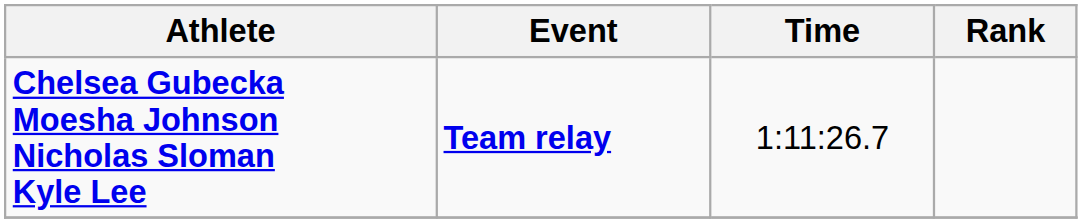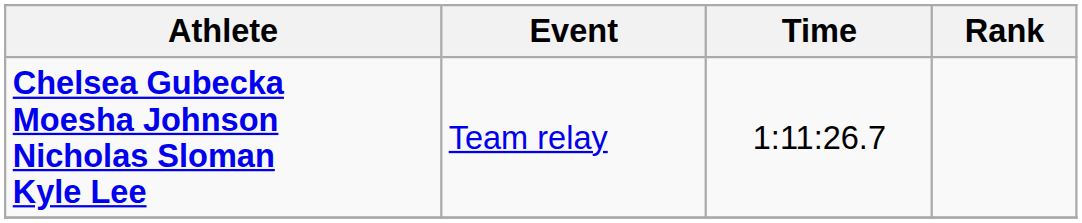 <table class="wikitable" style="text-align:center; font-size:90%; width:30%;">
 <tr>
 <th>Athlete</th>
 <th>Event</th>
 <th>Time</th>
 <th>Rank</th>
 </tr>
 <tr>
 <td align=left><strong><a href='#'>Chelsea Gubecka</a><br><a href='#'>Moesha Johnson</a><br><a href='#'>Nicholas Sloman</a><br><a href='#'>Kyle Lee</a></strong></td>
-<td align=left><strong><a href='#'>Team relay</a></strong></td>
+<td align=left><a href='#'>Team relay</a></td>
 <td>1:11:26.7</td>
 <td></td>
 </tr>
 <tr>
 </tr>
 </table>
